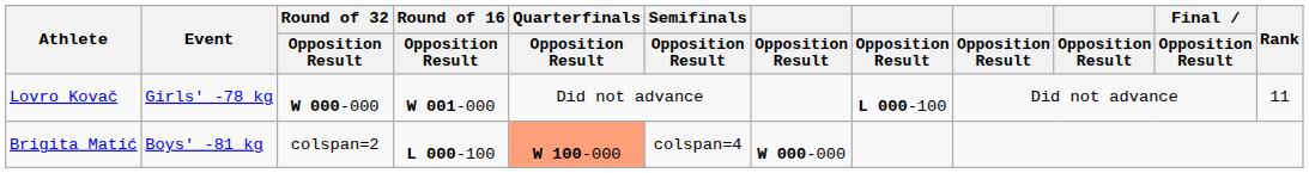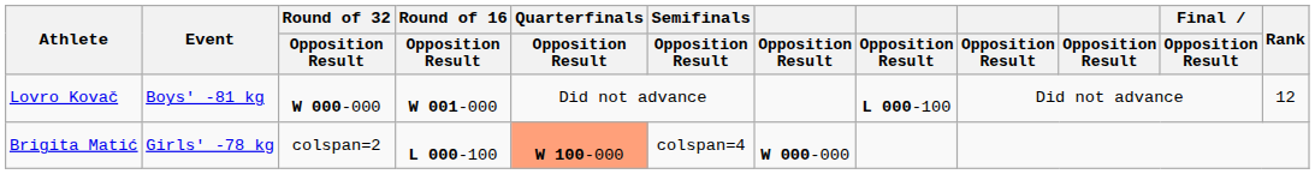 <table class="wikitable" style="font-size:90%">
 <tr>
 <th rowspan="2">Athlete</th>
 <th rowspan="2">Event</th>
 <th>Round of 32</th>
 <th>Round of 16</th>
 <th>Quarterfinals</th>
 <th>Semifinals</th>
 <th></th>
 <th></th>
 <th></th>
 <th></th>
 <th>Final / </th>
 <th rowspan=2>Rank</th>
 </tr>
 <tr style="font-size:95%">
 <th>Opposition<br>Result</th>
 <th>Opposition<br>Result</th>
 <th>Opposition<br>Result</th>
 <th>Opposition<br>Result</th>
 <th>Opposition<br>Result</th>
 <th>Opposition<br>Result</th>
 <th>Opposition<br>Result</th>
 <th>Opposition<br>Result</th>
 <th>Opposition<br>Result</th>
 </tr>
 <tr align=center>
 <td align=left><a href='#'>Lovro Kovač</a></td>
-<td align=left><a href='#'>Girls' -78 kg</a></td>
+<td align=left><a href='#'>Boys' -81 kg</a></td>
 <td><br><strong>W</strong> <strong>000</strong>-000</td>
 <td><br><strong>W</strong> <strong>001</strong>-000</td>
 <td colspan=2>Did not advance</td>
 <td></td>
 <td><br><strong>L</strong> <strong>000</strong>-100</td>
 <td colspan=3>Did not advance</td>
-<td>11</td>
+<td>12</td>
 </tr>
 <tr align=center>
 <td align=left><a href='#'>Brigita Matić</a></td>
-<td align=left><a href='#'>Boys' -81 kg</a></td>
+<td align=left><a href='#'>Girls' -78 kg</a></td>
 <td>colspan=2 </td>
 <td><br><strong>L</strong> <strong>000</strong>-100</td>
 <td style="background: lightsalmon;"><br><strong>W</strong> <strong>100</strong>-000</td>
 <td>colspan=4 </td>
 <td><br><strong>W</strong> <strong>000</strong>-000</td>
 <td></td>
 </tr>
 </table>
